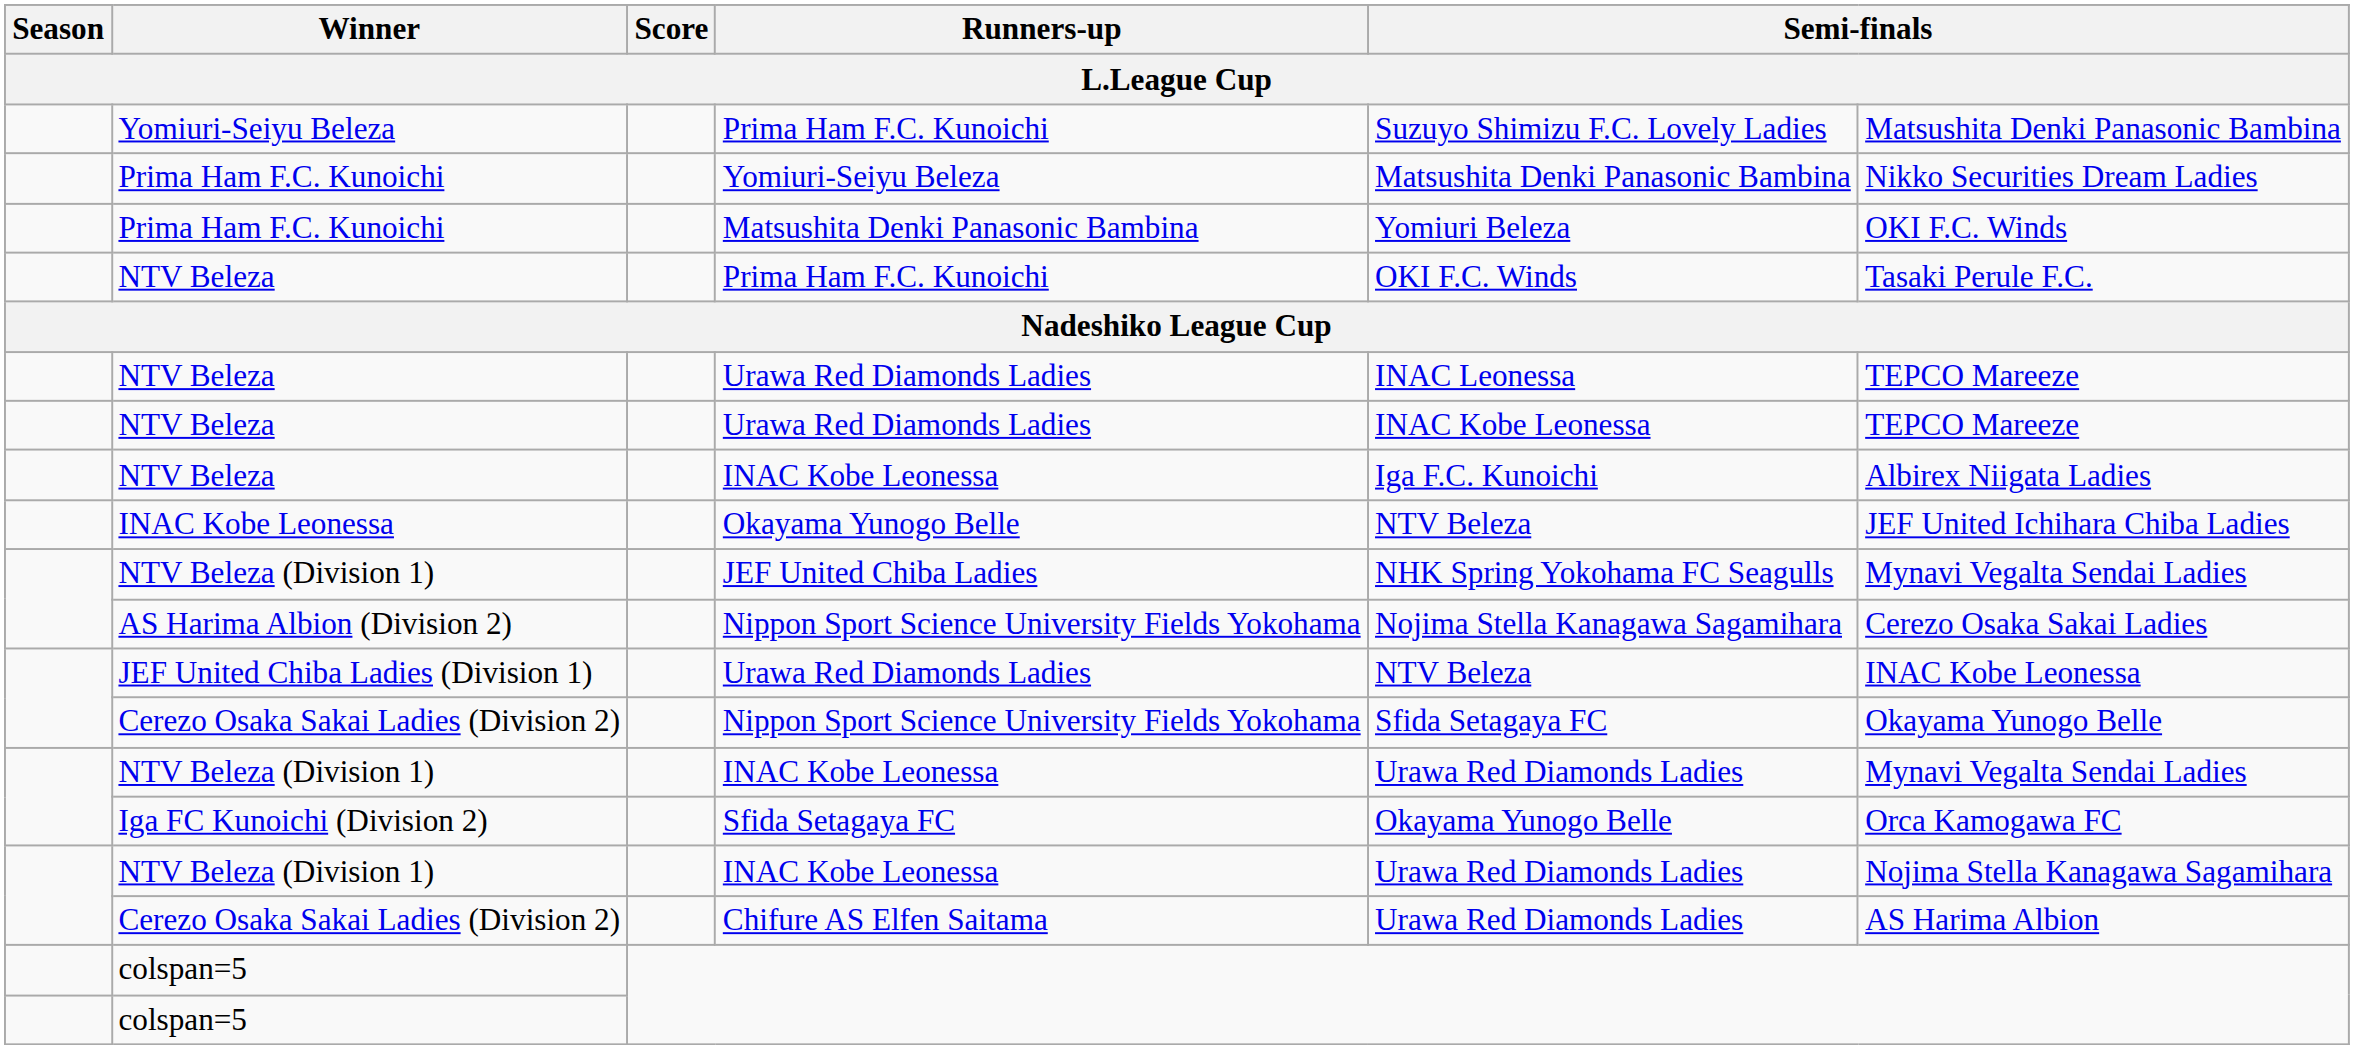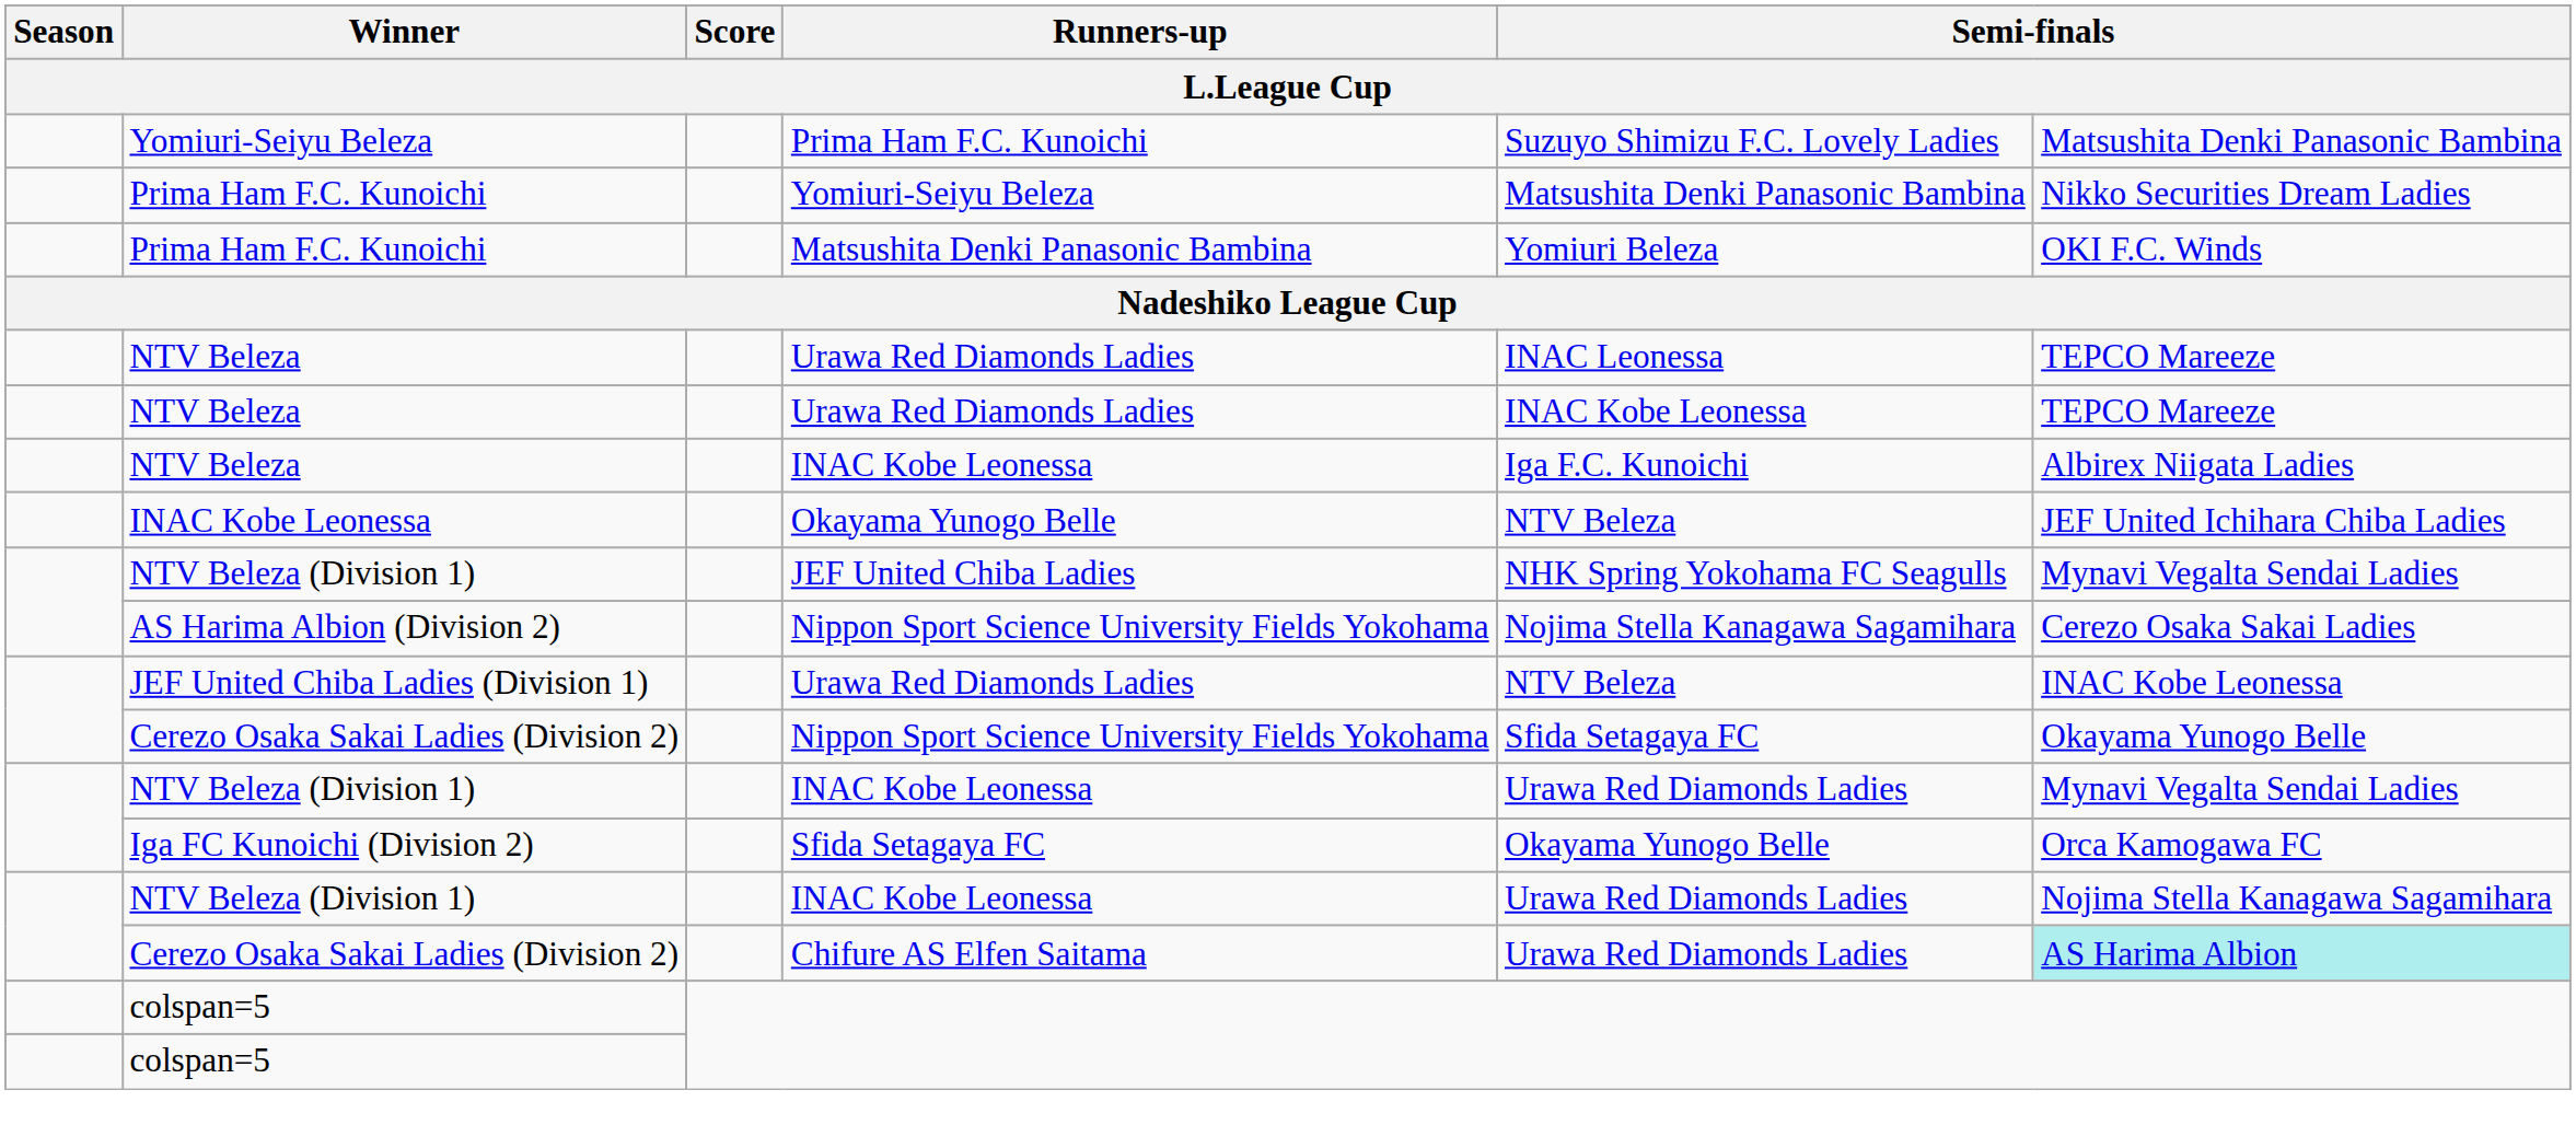 <table class="wikitable">
 <tr style="background:#f0f6fa;">
 <th><strong>Season</strong></th>
 <th><strong>Winner</strong></th>
 <th><strong>Score</strong></th>
 <th><strong>Runners-up</strong></th>
 <th colspan=2><strong>Semi-finals</strong></th>
 </tr>
 <tr>
 <th colspan=6>L.League Cup</th>
 </tr>
 <tr>
 <td></td>
 <td><a href='#'>Yomiuri-Seiyu Beleza</a></td>
 <td></td>
 <td><a href='#'>Prima Ham F.C. Kunoichi</a></td>
 <td><a href='#'>Suzuyo Shimizu F.C. Lovely Ladies</a></td>
 <td><a href='#'>Matsushita Denki Panasonic Bambina</a></td>
 </tr>
 <tr>
 <td></td>
 <td><a href='#'>Prima Ham F.C. Kunoichi</a></td>
 <td></td>
 <td><a href='#'>Yomiuri-Seiyu Beleza</a></td>
 <td><a href='#'>Matsushita Denki Panasonic Bambina</a></td>
 <td><a href='#'>Nikko Securities Dream Ladies</a></td>
 </tr>
 <tr>
 <td></td>
 <td><a href='#'>Prima Ham F.C. Kunoichi</a></td>
 <td></td>
 <td><a href='#'>Matsushita Denki Panasonic Bambina</a></td>
 <td><a href='#'>Yomiuri Beleza</a></td>
 <td><a href='#'>OKI F.C. Winds</a></td>
-</tr>
-<tr>
-<td></td>
-<td><a href='#'>NTV Beleza</a></td>
-<td></td>
-<td><a href='#'>Prima Ham F.C. Kunoichi</a></td>
-<td><a href='#'>OKI F.C. Winds</a></td>
-<td><a href='#'>Tasaki Perule F.C.</a></td>
 </tr>
 <tr>
 <th colspan=6>Nadeshiko League Cup</th>
 </tr>
 <tr>
 <td></td>
 <td><a href='#'>NTV Beleza</a></td>
 <td></td>
 <td><a href='#'>Urawa Red Diamonds Ladies</a></td>
 <td><a href='#'>INAC Leonessa</a></td>
 <td><a href='#'>TEPCO Mareeze</a></td>
 </tr>
 <tr>
 <td></td>
 <td><a href='#'>NTV Beleza</a></td>
 <td></td>
 <td><a href='#'>Urawa Red Diamonds Ladies</a></td>
 <td><a href='#'>INAC Kobe Leonessa</a></td>
 <td><a href='#'>TEPCO Mareeze</a></td>
 </tr>
 <tr>
 <td></td>
 <td><a href='#'>NTV Beleza</a></td>
 <td></td>
 <td><a href='#'>INAC Kobe Leonessa</a></td>
 <td><a href='#'>Iga F.C. Kunoichi</a></td>
 <td><a href='#'>Albirex Niigata Ladies</a></td>
 </tr>
 <tr>
 <td></td>
 <td><a href='#'>INAC Kobe Leonessa</a></td>
 <td></td>
 <td><a href='#'>Okayama Yunogo Belle</a></td>
 <td><a href='#'>NTV Beleza</a></td>
 <td><a href='#'>JEF United Ichihara Chiba Ladies</a></td>
 </tr>
 <tr>
 <td rowspan="2"></td>
 <td><a href='#'>NTV Beleza</a> (Division 1)</td>
 <td></td>
 <td><a href='#'>JEF United Chiba Ladies</a></td>
 <td><a href='#'>NHK Spring Yokohama FC Seagulls</a></td>
 <td><a href='#'>Mynavi Vegalta Sendai Ladies</a></td>
 </tr>
 <tr>
 <td><a href='#'>AS Harima Albion</a> (Division 2)</td>
 <td></td>
 <td><a href='#'>Nippon Sport Science University Fields Yokohama</a></td>
 <td><a href='#'>Nojima Stella Kanagawa Sagamihara</a></td>
 <td><a href='#'>Cerezo Osaka Sakai Ladies</a></td>
 </tr>
 <tr>
 <td rowspan="2"></td>
 <td><a href='#'>JEF United Chiba Ladies</a> (Division 1)</td>
 <td></td>
 <td><a href='#'>Urawa Red Diamonds Ladies</a></td>
 <td><a href='#'>NTV Beleza</a></td>
 <td><a href='#'>INAC Kobe Leonessa</a></td>
 </tr>
 <tr>
 <td><a href='#'>Cerezo Osaka Sakai Ladies</a> (Division 2)</td>
 <td></td>
 <td><a href='#'>Nippon Sport Science University Fields Yokohama</a></td>
 <td><a href='#'>Sfida Setagaya FC</a></td>
 <td><a href='#'>Okayama Yunogo Belle</a></td>
 </tr>
 <tr>
 <td rowspan="2"></td>
 <td><a href='#'>NTV Beleza</a> (Division 1)</td>
 <td></td>
 <td><a href='#'>INAC Kobe Leonessa</a></td>
 <td><a href='#'>Urawa Red Diamonds Ladies</a></td>
 <td><a href='#'>Mynavi Vegalta Sendai Ladies</a></td>
 </tr>
 <tr>
 <td><a href='#'>Iga FC Kunoichi</a> (Division 2)</td>
 <td></td>
 <td><a href='#'>Sfida Setagaya FC</a></td>
 <td><a href='#'>Okayama Yunogo Belle</a></td>
 <td><a href='#'>Orca Kamogawa FC</a></td>
 </tr>
 <tr>
 <td rowspan="2"></td>
 <td><a href='#'>NTV Beleza</a> (Division 1)</td>
 <td></td>
 <td><a href='#'>INAC Kobe Leonessa</a></td>
 <td><a href='#'>Urawa Red Diamonds Ladies</a></td>
 <td><a href='#'>Nojima Stella Kanagawa Sagamihara</a></td>
 </tr>
 <tr>
 <td><a href='#'>Cerezo Osaka Sakai Ladies</a> (Division 2)</td>
 <td></td>
 <td><a href='#'>Chifure AS Elfen Saitama</a></td>
 <td><a href='#'>Urawa Red Diamonds Ladies</a></td>
-<td><a href='#'>AS Harima Albion</a></td>
+<td style="background: paleturquoise;"><a href='#'>AS Harima Albion</a></td>
 </tr>
 <tr>
 <td></td>
 <td>colspan=5 </td>
 </tr>
 <tr>
 <td></td>
 <td>colspan=5 </td>
 </tr>
 </table>
